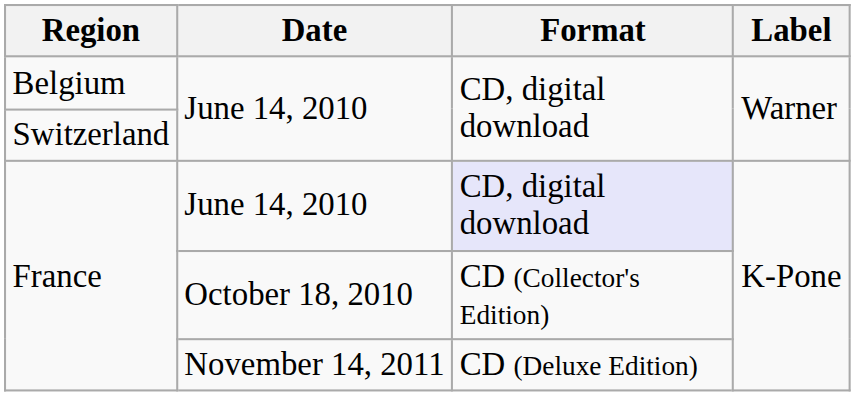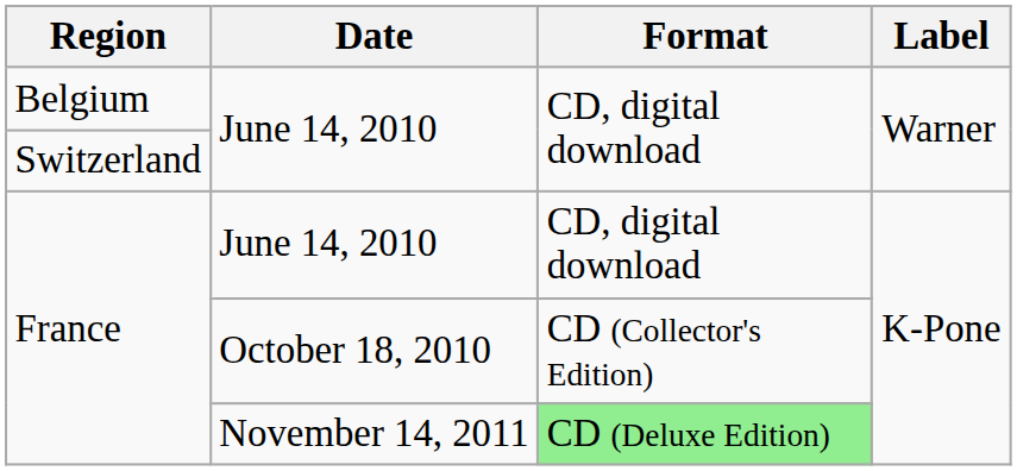 <table class="wikitable">
 <tr>
 <th>Region</th>
 <th>Date</th>
 <th width="130">Format</th>
 <th>Label</th>
 </tr>
 <tr>
 <td> Belgium</td>
 <td rowspan="2">June 14, 2010</td>
 <td rowspan="2">CD, digital download</td>
 <td rowspan="2">Warner</td>
 </tr>
 <tr>
 <td> Switzerland</td>
 </tr>
 <tr>
 <td rowspan="3"> France</td>
 <td rowspan="1">June 14, 2010</td>
-<td rowspan="1" style="background: lavender;">CD, digital download</td>
+<td rowspan="1">CD, digital download</td>
 <td rowspan="3">K-Pone</td>
 </tr>
 <tr>
 <td rowspan="1">October 18, 2010</td>
 <td>CD <small>(Collector's Edition)</small></td>
 </tr>
 <tr>
 <td rowspan="">November 14, 2011</td>
-<td>CD <small>(Deluxe Edition)</small></td>
+<td style="background: lightgreen;">CD <small>(Deluxe Edition)</small></td>
 </tr>
 </table>
